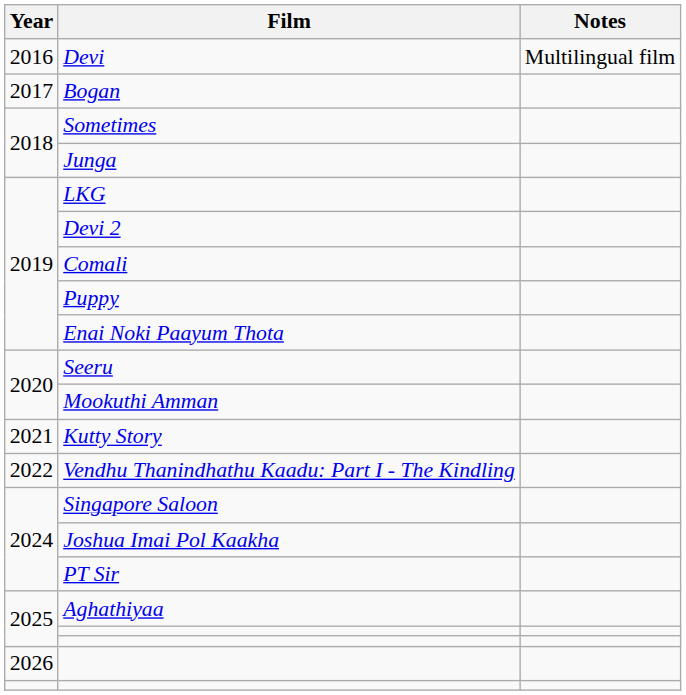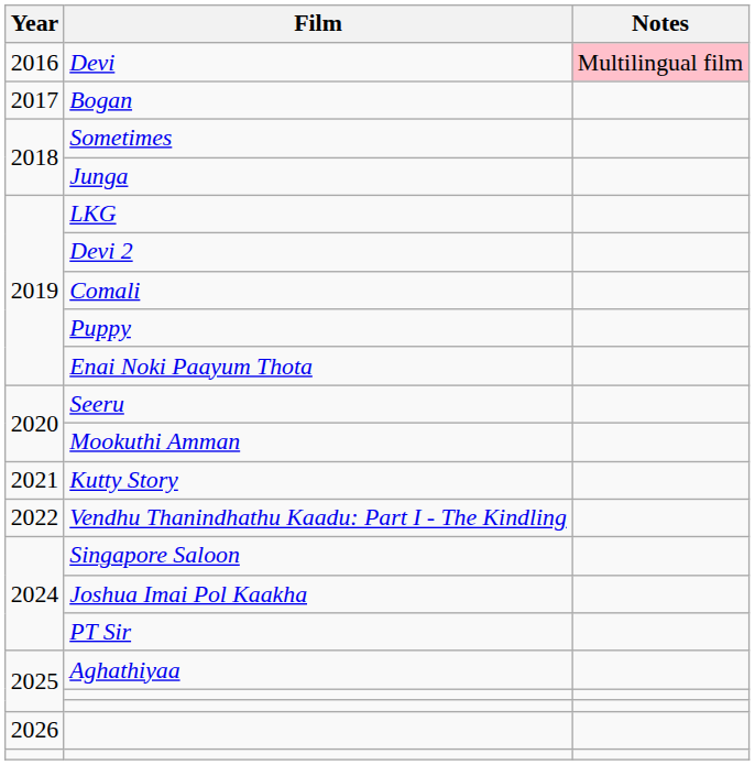 <table class="wikitable">
 <tr>
 <th>Year</th>
 <th>Film</th>
 <th>Notes</th>
 </tr>
 <tr>
 <td>2016</td>
 <td><em><a href='#'>Devi</a></em></td>
-<td>Multilingual film</td>
+<td style="background: pink;">Multilingual film</td>
 </tr>
 <tr>
 <td>2017</td>
 <td><em><a href='#'>Bogan</a></em></td>
 <td></td>
 </tr>
 <tr>
 <td rowspan="2">2018</td>
 <td><em><a href='#'>Sometimes</a></em></td>
 <td></td>
 </tr>
 <tr>
 <td><em><a href='#'>Junga</a></em></td>
 <td></td>
 </tr>
 <tr>
 <td rowspan="5">2019</td>
 <td><em><a href='#'>LKG</a></em></td>
 <td></td>
 </tr>
 <tr>
 <td><em><a href='#'>Devi 2</a></em></td>
 <td></td>
 </tr>
 <tr>
 <td><em><a href='#'>Comali</a></em></td>
 <td></td>
 </tr>
 <tr>
 <td><em><a href='#'>Puppy</a></em></td>
 <td></td>
 </tr>
 <tr>
 <td><em><a href='#'>Enai Noki Paayum Thota</a></em></td>
 <td></td>
 </tr>
 <tr>
 <td rowspan="2">2020</td>
 <td><em><a href='#'>Seeru</a></em></td>
 <td></td>
 </tr>
 <tr>
 <td><em><a href='#'>Mookuthi Amman</a></em></td>
 <td></td>
 </tr>
 <tr>
 <td>2021</td>
 <td><em><a href='#'>Kutty Story</a></em></td>
 <td></td>
 </tr>
 <tr>
 <td>2022</td>
 <td><em><a href='#'>Vendhu Thanindhathu Kaadu: Part I - The Kindling</a></em></td>
 <td></td>
 </tr>
 <tr>
 <td rowspan="3">2024</td>
 <td><em><a href='#'>Singapore Saloon</a></em></td>
 <td></td>
 </tr>
 <tr>
 <td><em><a href='#'>Joshua Imai Pol Kaakha</a></em></td>
 <td></td>
 </tr>
 <tr>
 <td><em><a href='#'>PT Sir</a></em></td>
 <td></td>
 </tr>
 <tr>
 <td rowspan="3">2025</td>
 <td><em><a href='#'>Aghathiyaa</a></em></td>
 <td></td>
 </tr>
 <tr>
 <td></td>
 <td></td>
 </tr>
 <tr>
 <td></td>
 <td></td>
 </tr>
 <tr>
 <td>2026</td>
 <td></td>
 <td></td>
 </tr>
 <tr>
 <td></td>
 <td></td>
 <td></td>
 </tr>
 </table>
